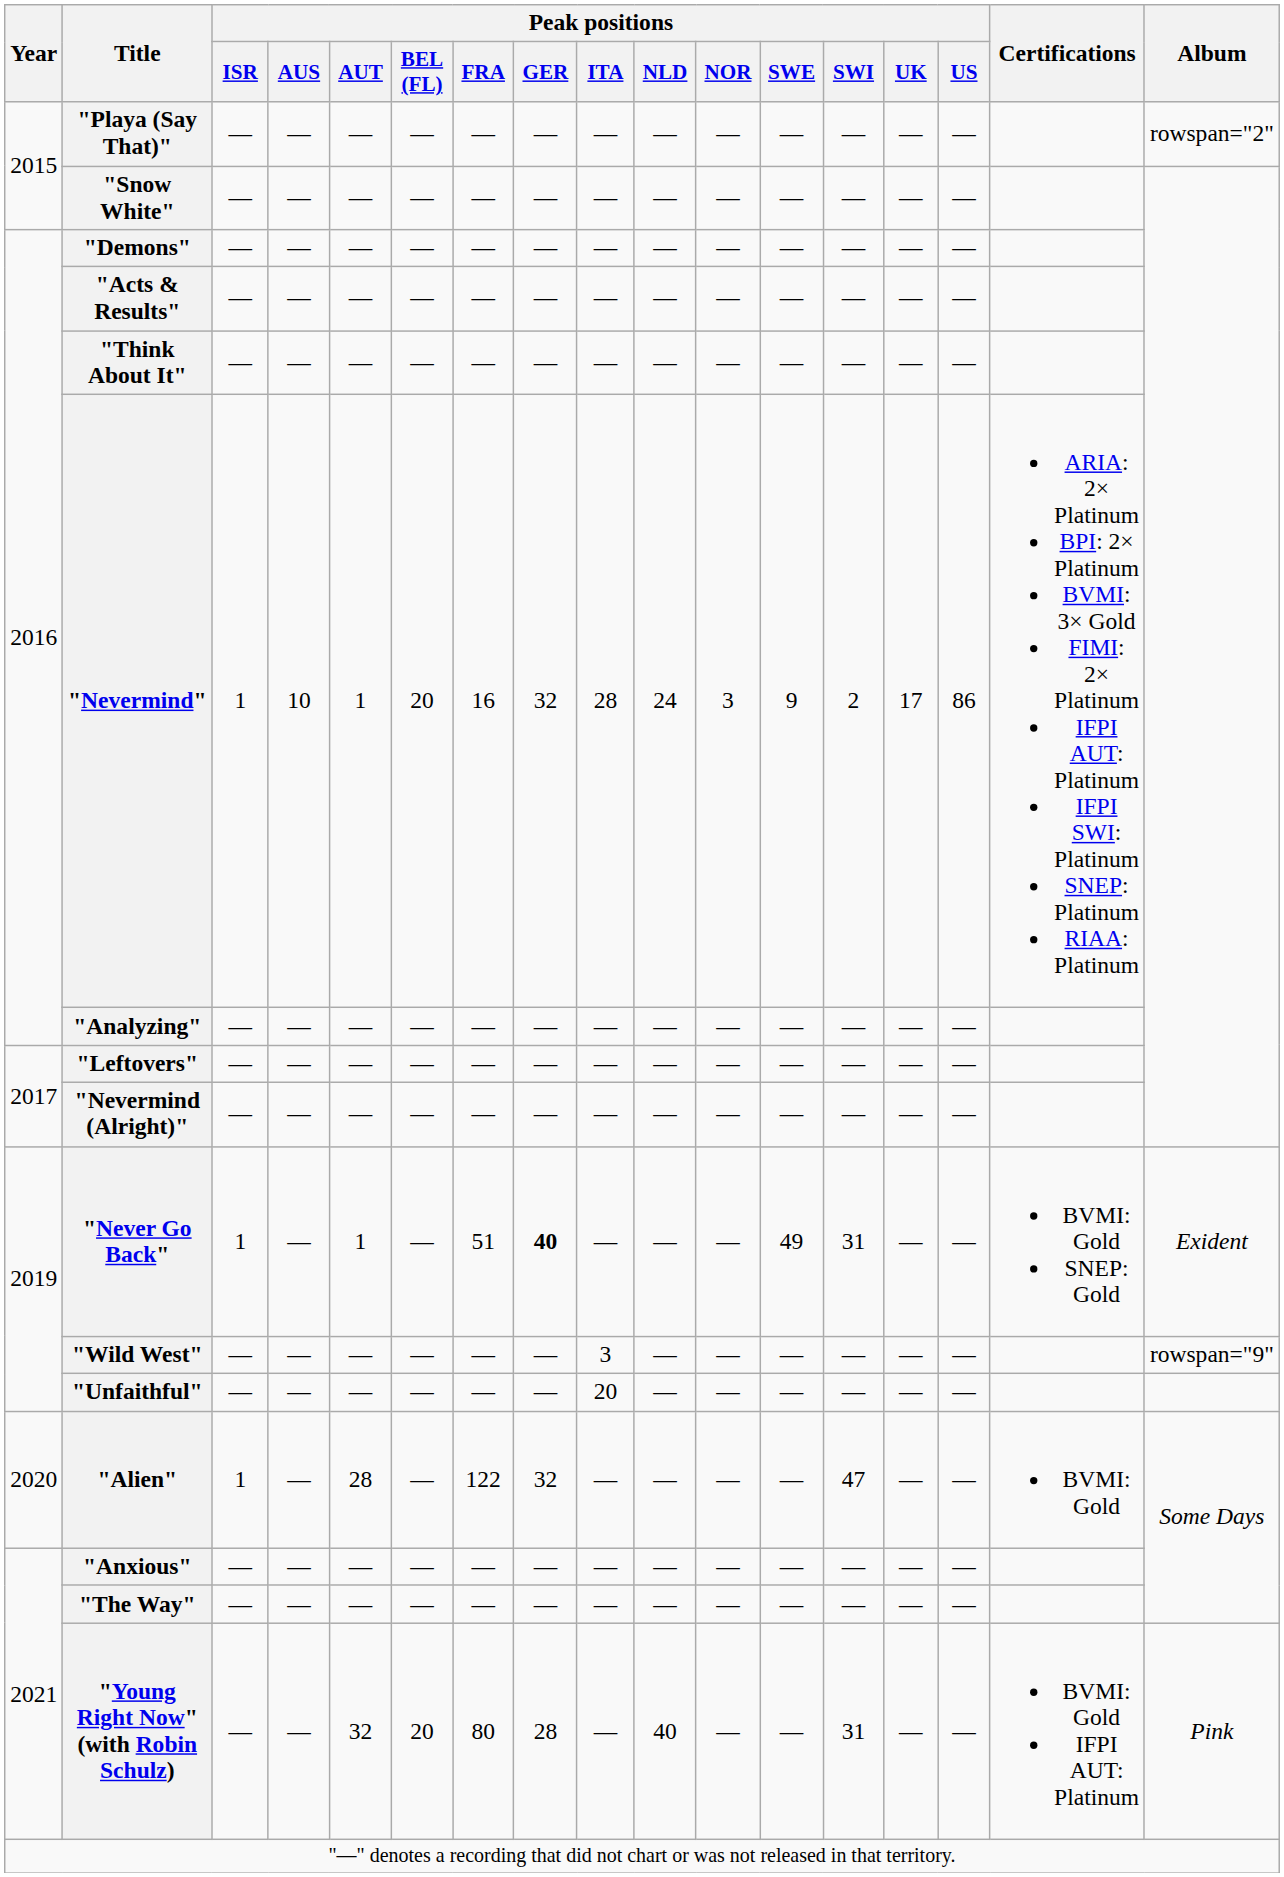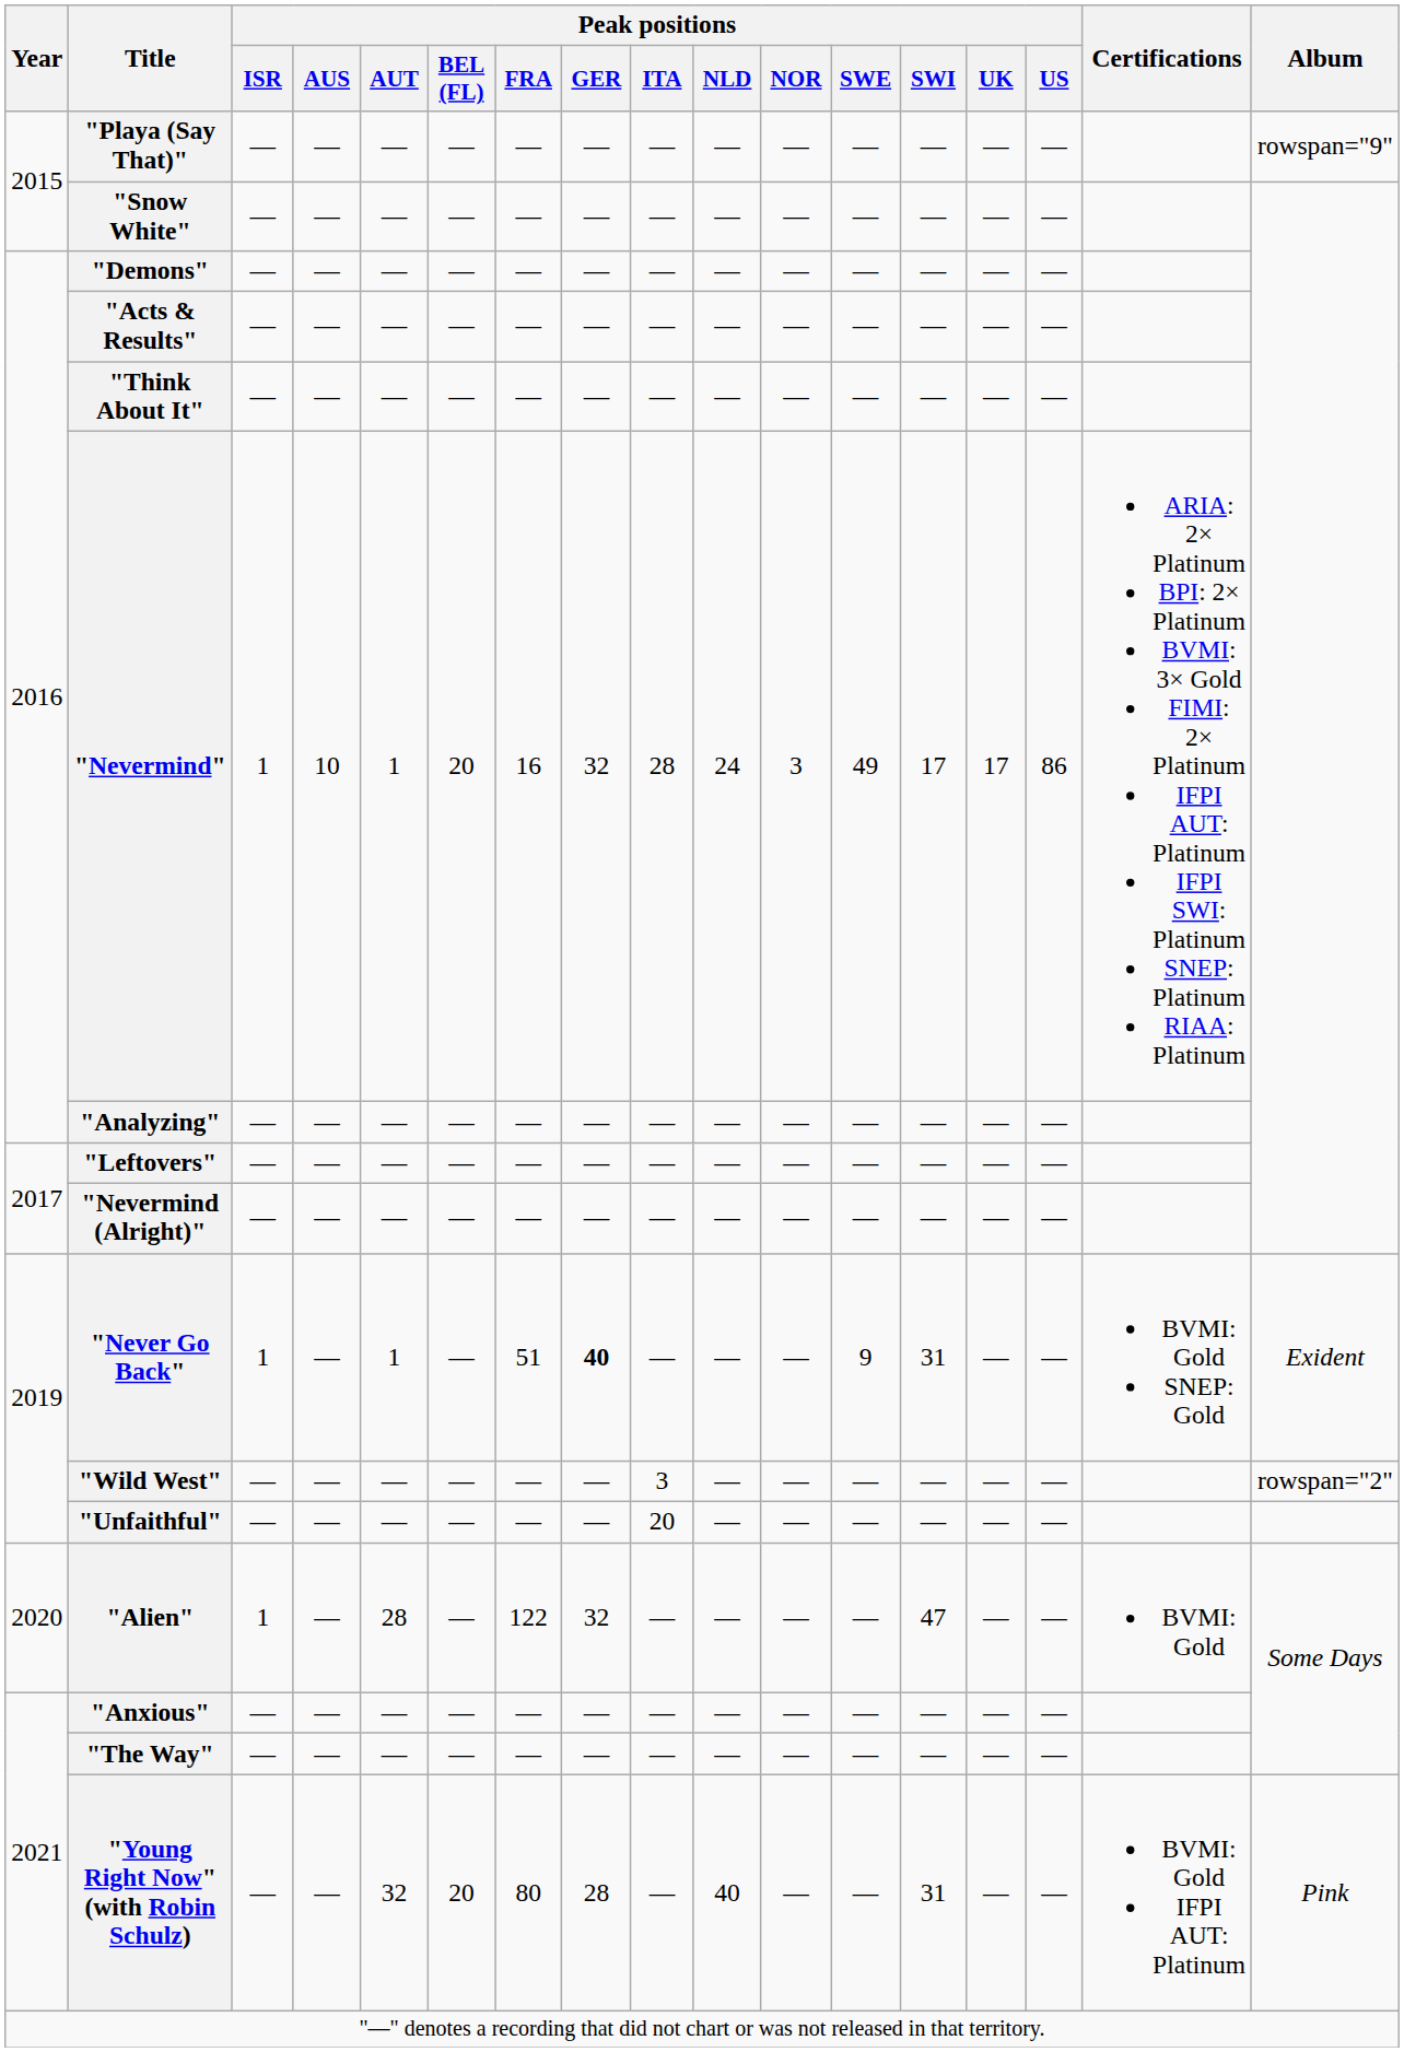 <table class="wikitable plainrowheaders" style="text-align:center;">
 <tr>
 <th scope="col" rowspan="2">Year</th>
 <th scope="col" rowspan="2">Title</th>
 <th scope="col" colspan="13">Peak positions</th>
 <th scope="col" rowspan="2">Certifications</th>
 <th scope="col" rowspan="2">Album</th>
 </tr>
 <tr>
 <th scope="col" style="width:3em;font-size:90%;"><a href='#'>ISR</a><br></th>
 <th scope="col" style="width:3em;font-size:90%;"><a href='#'>AUS</a><br></th>
 <th scope="col" style="width:3em;font-size:90%;"><a href='#'>AUT</a><br></th>
 <th scope="col" style="width:3em;font-size:90%;"><a href='#'>BEL<br>(FL)</a><br></th>
 <th scope="col" style="width:3em;font-size:90%;"><a href='#'>FRA</a><br></th>
 <th scope="col" style="width:3em;font-size:90%;"><a href='#'>GER</a><br></th>
 <th scope="col" style="width:3em;font-size:90%;"><a href='#'>ITA</a><br></th>
 <th scope="col" style="width:3em;font-size:90%;"><a href='#'>NLD</a><br></th>
 <th scope="col" style="width:3em;font-size:90%;"><a href='#'>NOR</a><br></th>
 <th scope="col" style="width:3em;font-size:90%;"><a href='#'>SWE</a><br></th>
 <th scope="col" style="width:3em;font-size:90%;"><a href='#'>SWI</a><br></th>
 <th scope="col" style="width:3em;font-size:90%;"><a href='#'>UK</a><br></th>
 <th scope="col" style="width:3em;font-size:90%;"><a href='#'>US</a><br></th>
 </tr>
 <tr>
 <td rowspan="2">2015</td>
 <th scope="row">"Playa (Say That)"</th>
 <td>—</td>
 <td>—</td>
 <td>—</td>
 <td>—</td>
 <td>—</td>
 <td>—</td>
 <td>—</td>
 <td>—</td>
 <td>—</td>
 <td>—</td>
 <td>—</td>
 <td>—</td>
 <td>—</td>
 <td></td>
-<td>rowspan="2" </td>
+<td>rowspan="9" </td>
 </tr>
 <tr>
 <th scope="row">"Snow White"</th>
 <td>—</td>
 <td>—</td>
 <td>—</td>
 <td>—</td>
 <td>—</td>
 <td>—</td>
 <td>—</td>
 <td>—</td>
 <td>—</td>
 <td>—</td>
 <td>—</td>
 <td>—</td>
 <td>—</td>
 <td></td>
 </tr>
 <tr>
 <td rowspan="5">2016</td>
 <th scope="row">"Demons"</th>
 <td>—</td>
 <td>—</td>
 <td>—</td>
 <td>—</td>
 <td>—</td>
 <td>—</td>
 <td>—</td>
 <td>—</td>
 <td>—</td>
 <td>—</td>
 <td>—</td>
 <td>—</td>
 <td>—</td>
 <td></td>
 </tr>
 <tr>
 <th scope="row">"Acts & Results"</th>
 <td>—</td>
 <td>—</td>
 <td>—</td>
 <td>—</td>
 <td>—</td>
 <td>—</td>
 <td>—</td>
 <td>—</td>
 <td>—</td>
 <td>—</td>
 <td>—</td>
 <td>—</td>
 <td>—</td>
 <td></td>
 </tr>
 <tr>
 <th scope="row">"Think About It"</th>
 <td>—</td>
 <td>—</td>
 <td>—</td>
 <td>—</td>
 <td>—</td>
 <td>—</td>
 <td>—</td>
 <td>—</td>
 <td>—</td>
 <td>—</td>
 <td>—</td>
 <td>—</td>
 <td>—</td>
 <td></td>
 </tr>
 <tr>
 <th scope="row">"<a href='#'>Nevermind</a>"</th>
 <td>1</td>
 <td>10</td>
 <td>1</td>
 <td>20</td>
 <td>16</td>
 <td>32</td>
 <td>28</td>
 <td>24</td>
 <td>3</td>
-<td>9</td>
-<td>2</td>
+<td>49</td>
+<td>17</td>
 <td>17</td>
 <td>86</td>
 <td><br><ul><li><a href='#'>ARIA</a>: 2× Platinum</li><li><a href='#'>BPI</a>: 2× Platinum</li><li><a href='#'>BVMI</a>: 3× Gold</li><li><a href='#'>FIMI</a>: 2× Platinum</li><li><a href='#'>IFPI AUT</a>: Platinum</li><li><a href='#'>IFPI SWI</a>: Platinum</li><li><a href='#'>SNEP</a>: Platinum</li><li><a href='#'>RIAA</a>: Platinum</li></ul></td>
 </tr>
 <tr>
 <th scope="row">"Analyzing"</th>
 <td>—</td>
 <td>—</td>
 <td>—</td>
 <td>—</td>
 <td>—</td>
 <td>—</td>
 <td>—</td>
 <td>—</td>
 <td>—</td>
 <td>—</td>
 <td>—</td>
 <td>—</td>
 <td>—</td>
 <td></td>
 </tr>
 <tr>
 <td rowspan="2">2017</td>
 <th scope="row">"Leftovers"</th>
 <td>—</td>
 <td>—</td>
 <td>—</td>
 <td>—</td>
 <td>—</td>
 <td>—</td>
 <td>—</td>
 <td>—</td>
 <td>—</td>
 <td>—</td>
 <td>—</td>
 <td>—</td>
 <td>—</td>
 <td></td>
 </tr>
 <tr>
 <th scope="row">"Nevermind (Alright)"</th>
 <td>—</td>
 <td>—</td>
 <td>—</td>
 <td>—</td>
 <td>—</td>
 <td>—</td>
 <td>—</td>
 <td>—</td>
 <td>—</td>
 <td>—</td>
 <td>—</td>
 <td>—</td>
 <td>—</td>
 <td></td>
 </tr>
 <tr>
 <td rowspan="3">2019</td>
 <th scope="row">"<a href='#'>Never Go Back</a>"</th>
 <td>1</td>
 <td>—</td>
 <td>1</td>
 <td>—</td>
 <td>51</td>
 <td><strong>40</strong></td>
 <td>—</td>
 <td>—</td>
 <td>—</td>
-<td>49</td>
+<td>9</td>
 <td>31</td>
 <td>—</td>
 <td>—</td>
 <td><br><ul><li>BVMI: Gold</li><li>SNEP: Gold</li></ul></td>
 <td><em>Exident</em></td>
 </tr>
 <tr>
 <th scope="row">"Wild West"</th>
 <td>—</td>
 <td>—</td>
 <td>—</td>
 <td>—</td>
 <td>—</td>
 <td>—</td>
 <td>3</td>
 <td>—</td>
 <td>—</td>
 <td>—</td>
 <td>—</td>
 <td>—</td>
 <td>—</td>
 <td></td>
-<td>rowspan="9" </td>
+<td>rowspan="2" </td>
 </tr>
 <tr>
 <th scope="row">"Unfaithful"</th>
 <td>—</td>
 <td>—</td>
 <td>—</td>
 <td>—</td>
 <td>—</td>
 <td>—</td>
 <td>20</td>
 <td>—</td>
 <td>—</td>
 <td>—</td>
 <td>—</td>
 <td>—</td>
 <td>—</td>
 <td></td>
 </tr>
 <tr>
 <td>2020</td>
 <th scope="row">"Alien"</th>
 <td>1</td>
 <td>—</td>
 <td>28</td>
 <td>—</td>
 <td>122</td>
 <td>32</td>
 <td>—</td>
 <td>—</td>
 <td>—</td>
 <td>—</td>
 <td>47</td>
 <td>—</td>
 <td>—</td>
 <td><br><ul><li>BVMI: Gold</li></ul></td>
 <td rowspan="3"><em>Some Days</em></td>
 </tr>
 <tr>
 <td rowspan="3">2021</td>
 <th scope="row">"Anxious"</th>
 <td>—</td>
 <td>—</td>
 <td>—</td>
 <td>—</td>
 <td>—</td>
 <td>—</td>
 <td>—</td>
 <td>—</td>
 <td>—</td>
 <td>—</td>
 <td>—</td>
 <td>—</td>
 <td>—</td>
 <td></td>
 </tr>
 <tr>
 <th scope="row">"The Way"</th>
 <td>—</td>
 <td>—</td>
 <td>—</td>
 <td>—</td>
 <td>—</td>
 <td>—</td>
 <td>—</td>
 <td>—</td>
 <td>—</td>
 <td>—</td>
 <td>—</td>
 <td>—</td>
 <td>—</td>
 <td></td>
 </tr>
 <tr>
 <th scope="row">"<a href='#'>Young Right Now</a>"<br><span>(with <a href='#'>Robin Schulz</a>)</span></th>
 <td>—</td>
 <td>—</td>
 <td>32</td>
 <td>20</td>
 <td>80<br></td>
 <td>28</td>
 <td>—</td>
 <td>40</td>
 <td>—</td>
 <td>—</td>
 <td>31</td>
 <td>—</td>
 <td>—</td>
 <td><br><ul><li>BVMI: Gold</li><li>IFPI AUT: Platinum</li></ul></td>
 <td><em>Pink</em></td>
 </tr>
 <tr>
 <td colspan="20" style="font-size:85%">"—" denotes a recording that did not chart or was not released in that territory.</td>
 </tr>
 </table>
